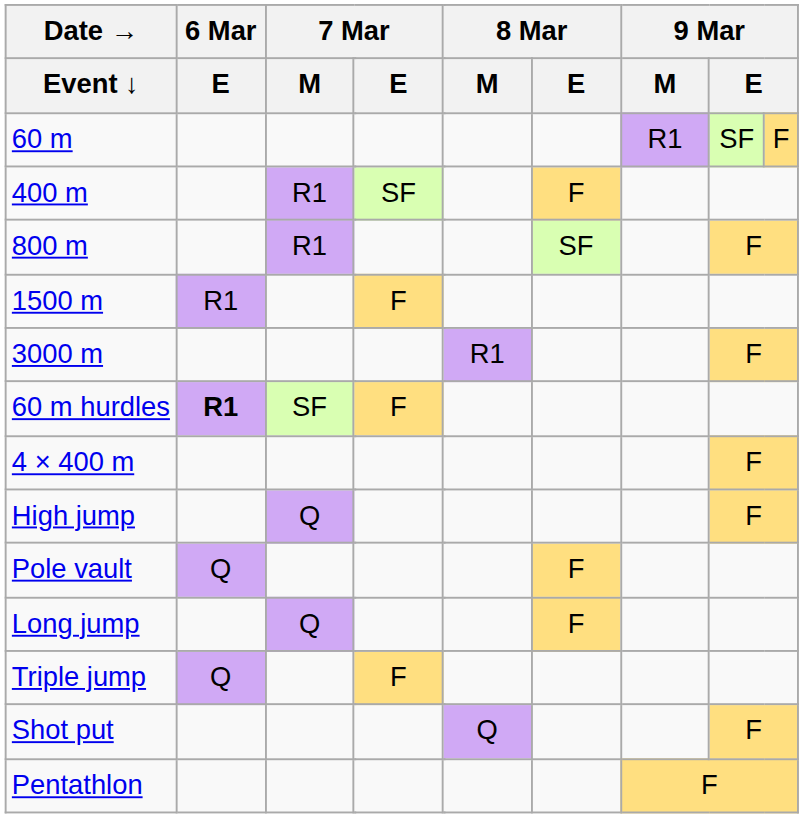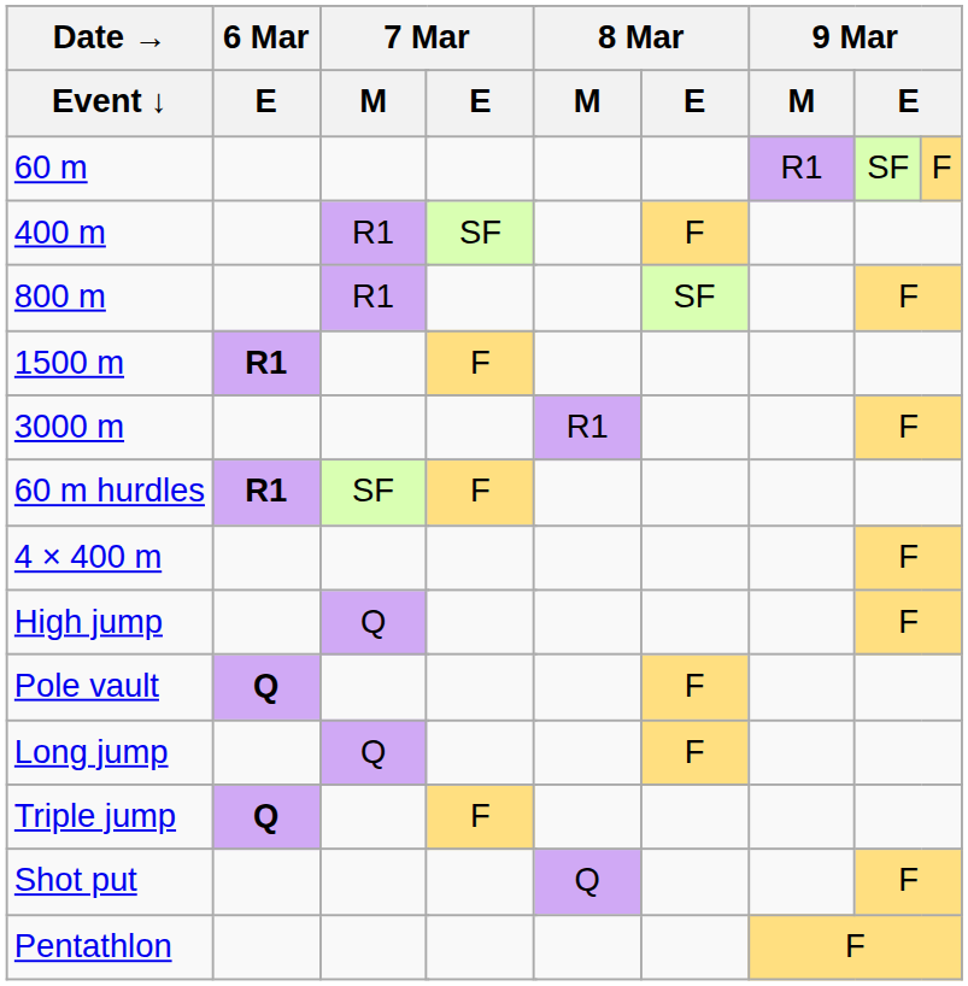 <table class="wikitable mw-datatable" style="margin:0.5em auto; font-size:90%; line-height:1.5em;">
 <tr align="center">
 <th>Date →</th>
 <th width="40px" colspan=1>6 Mar</th>
 <th width="80px" colspan=4>7 Mar</th>
 <th width="80px" colspan=4>8 Mar</th>
 <th width="80px" colspan=4>9 Mar</th>
 </tr>
 <tr>
 <th>Event ↓</th>
 <th width="40px">E</th>
 <th width="40px" colspan=2>M</th>
 <th width="40px" colspan=2>E</th>
 <th width="40px" colspan=2>M</th>
 <th width="40px" colspan=2>E</th>
 <th width="40px">M</th>
 <th width="40px"colspan=3>E</th>
 </tr>
 <tr align="center">
 <td align="left"><a href='#'>60 m</a></td>
 <td></td>
 <td colspan=2></td>
 <td colspan=2></td>
 <td colspan=2></td>
 <td colspan=2></td>
 <td bgcolor="#D0A9F5">R1</td>
 <td bgcolor="#D9FFB2">SF</td>
 <td bgcolor="#FFDF80">F</td>
 </tr>
 <tr align="center">
 <td align="left"><a href='#'>400 m</a></td>
 <td></td>
 <td bgcolor="#D0A9F5" colspan=2>R1</td>
 <td bgcolor="#D9FFB2" colspan=2>SF</td>
 <td colspan=2></td>
 <td bgcolor="#FFDF80" colspan=2>F</td>
 <td></td>
 <td colspan=2></td>
 </tr>
 <tr align="center">
 <td align="left"><a href='#'>800 m</a></td>
 <td></td>
 <td bgcolor="#D0A9F5" colspan=2>R1</td>
 <td colspan=2></td>
 <td colspan=2></td>
 <td bgcolor="#D9FFB2" colspan=2>SF</td>
 <td></td>
 <td bgcolor="#FFDF80"colspan=2>F</td>
 </tr>
 <tr align="center">
 <td align="left"><a href='#'>1500 m</a></td>
-<td bgcolor="#D0A9F5">R1</td>
+<td bgcolor="#D0A9F5"><strong>R1</strong></td>
 <td colspan=2></td>
 <td bgcolor="#FFDF80" colspan=2>F</td>
 <td colspan=2></td>
 <td colspan=2></td>
 <td></td>
 <td colspan=2></td>
 </tr>
 <tr align="center">
 <td align="left"><a href='#'>3000 m</a></td>
 <td></td>
 <td colspan=2></td>
 <td colspan=2></td>
 <td bgcolor="#D0A9F5" colspan=2>R1</td>
 <td colspan=2></td>
 <td></td>
 <td bgcolor="#FFDF80"colspan=2>F</td>
 </tr>
 <tr align="center">
 <td align="left"><a href='#'>60 m hurdles</a></td>
 <td bgcolor="#D0A9F5"><strong>R1</strong></td>
 <td bgcolor="#D9FFB2" colspan=2>SF</td>
 <td bgcolor="#FFDF80" colspan=2>F</td>
 <td colspan=2></td>
 <td colspan=2></td>
 <td></td>
 <td colspan=2></td>
 </tr>
 <tr align="center">
 <td align="left"><a href='#'>4 × 400 m</a></td>
 <td></td>
 <td colspan=2></td>
 <td colspan=2></td>
 <td colspan=2></td>
 <td colspan=2></td>
 <td></td>
 <td bgcolor="#FFDF80" colspan=2>F</td>
 </tr>
 <tr align="center">
 <td align="left"><a href='#'>High jump</a></td>
 <td></td>
 <td bgcolor="#D0A9F5" colspan=2>Q</td>
 <td colspan=2></td>
 <td colspan=2></td>
 <td colspan=2></td>
 <td></td>
 <td bgcolor="#FFDF80" colspan=2>F</td>
 </tr>
 <tr align="center">
 <td align="left"><a href='#'>Pole vault</a></td>
-<td bgcolor="#D0A9F5">Q</td>
+<td bgcolor="#D0A9F5"><strong>Q</strong></td>
 <td colspan=2></td>
 <td colspan=2></td>
 <td colspan=2></td>
 <td bgcolor="#FFDF80" colspan=2>F</td>
 <td></td>
 <td colspan=2></td>
 </tr>
 <tr align="center">
 <td align="left"><a href='#'>Long jump</a></td>
 <td></td>
 <td bgcolor="#D0A9F5" colspan=2>Q</td>
 <td colspan=2></td>
 <td colspan=2></td>
 <td bgcolor="#FFDF80" colspan=2>F</td>
 <td></td>
 <td colspan=2></td>
 </tr>
 <tr align="center">
 <td align="left"><a href='#'>Triple jump</a></td>
-<td bgcolor="#D0A9F5">Q</td>
+<td bgcolor="#D0A9F5"><strong>Q</strong></td>
 <td colspan=2></td>
 <td bgcolor="#FFDF80" colspan=2>F</td>
 <td colspan=2></td>
 <td colspan=2></td>
 <td></td>
 <td colspan=2></td>
 </tr>
 <tr align="center">
 <td align="left"><a href='#'>Shot put</a></td>
 <td></td>
 <td colspan=2></td>
 <td colspan=2></td>
 <td bgcolor="#D0A9F5" colspan=2>Q</td>
 <td colspan=2></td>
 <td></td>
 <td bgcolor="#FFDF80" colspan=2>F</td>
 </tr>
 <tr align="center">
 <td align="left"><a href='#'>Pentathlon</a></td>
 <td></td>
 <td colspan=2></td>
 <td colspan=2></td>
 <td colspan=2></td>
 <td colspan=2></td>
 <td bgcolor="#FFDF80" colspan=3>F</td>
 </tr>
 </table>
